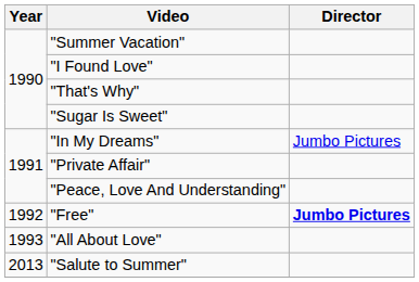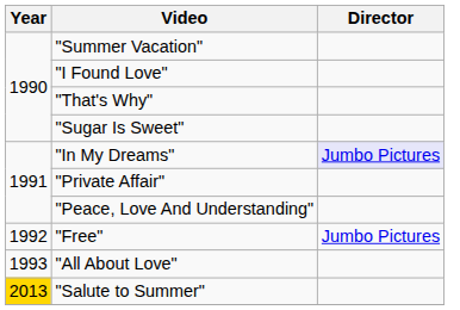 <table class="wikitable">
 <tr>
 <th>Year</th>
 <th>Video</th>
 <th>Director</th>
 </tr>
 <tr>
 <td rowspan="4">1990</td>
 <td>"Summer Vacation"</td>
 <td></td>
 </tr>
 <tr>
 <td>"I Found Love"</td>
 <td></td>
 </tr>
 <tr>
 <td>"That's Why"</td>
 <td></td>
 </tr>
 <tr>
 <td>"Sugar Is Sweet"</td>
 <td></td>
 </tr>
 <tr>
 <td rowspan="3">1991</td>
 <td>"In My Dreams"</td>
-<td><a href='#'>Jumbo Pictures</a></td>
+<td style="background: lavender;"><a href='#'>Jumbo Pictures</a></td>
 </tr>
 <tr>
 <td>"Private Affair"</td>
 <td></td>
 </tr>
 <tr>
 <td>"Peace, Love And Understanding"</td>
 <td></td>
 </tr>
 <tr>
 <td rowspan="1">1992</td>
 <td>"Free"</td>
-<td><strong><a href='#'>Jumbo Pictures</a></strong></td>
+<td><a href='#'>Jumbo Pictures</a></td>
 </tr>
 <tr>
 <td rowspan="1">1993</td>
 <td>"All About Love"</td>
 <td></td>
 </tr>
 <tr>
-<td rowspan="1">2013</td>
+<td rowspan="1" style="background: gold;">2013</td>
 <td>"Salute to Summer"</td>
 <td></td>
 </tr>
 <tr>
 </tr>
 </table>
